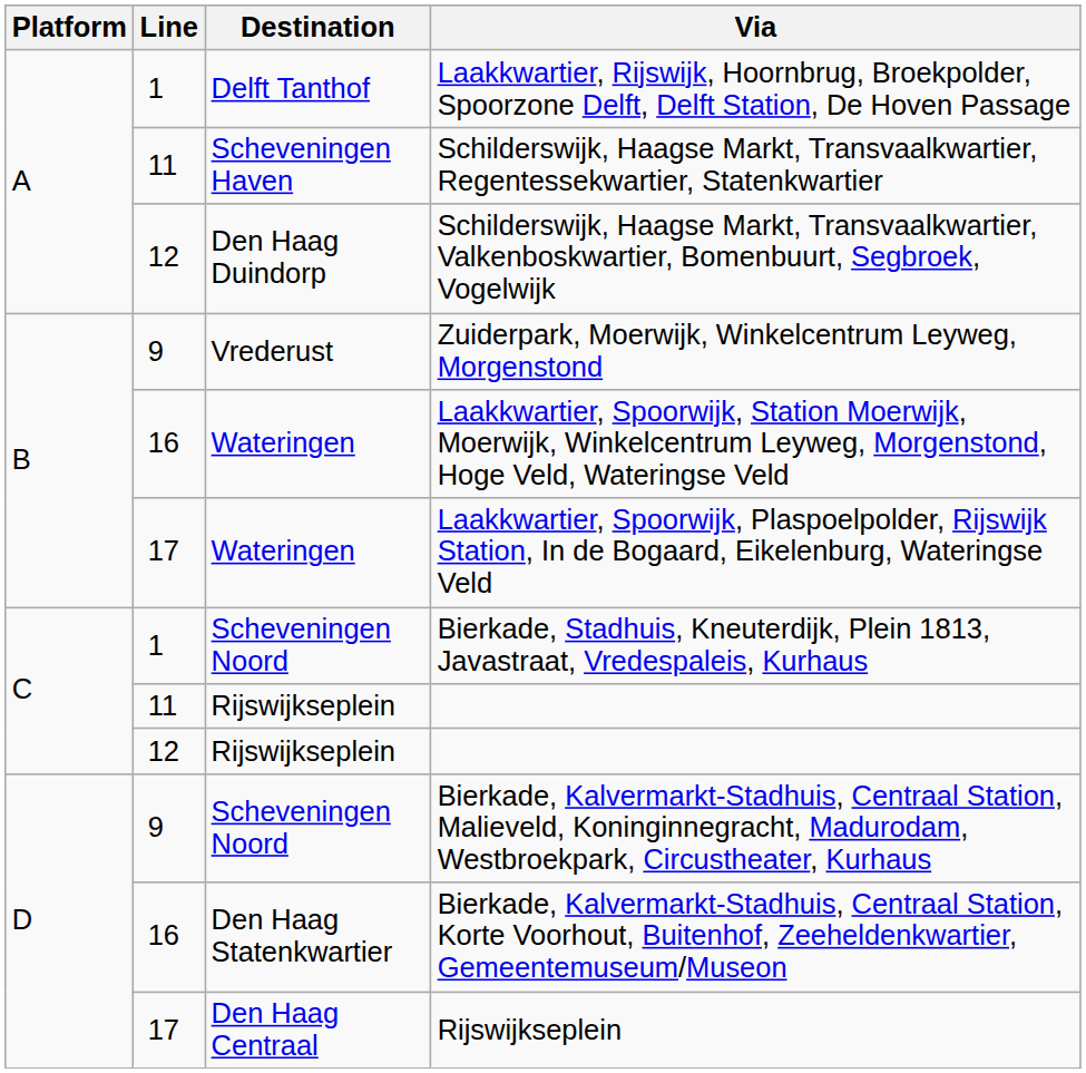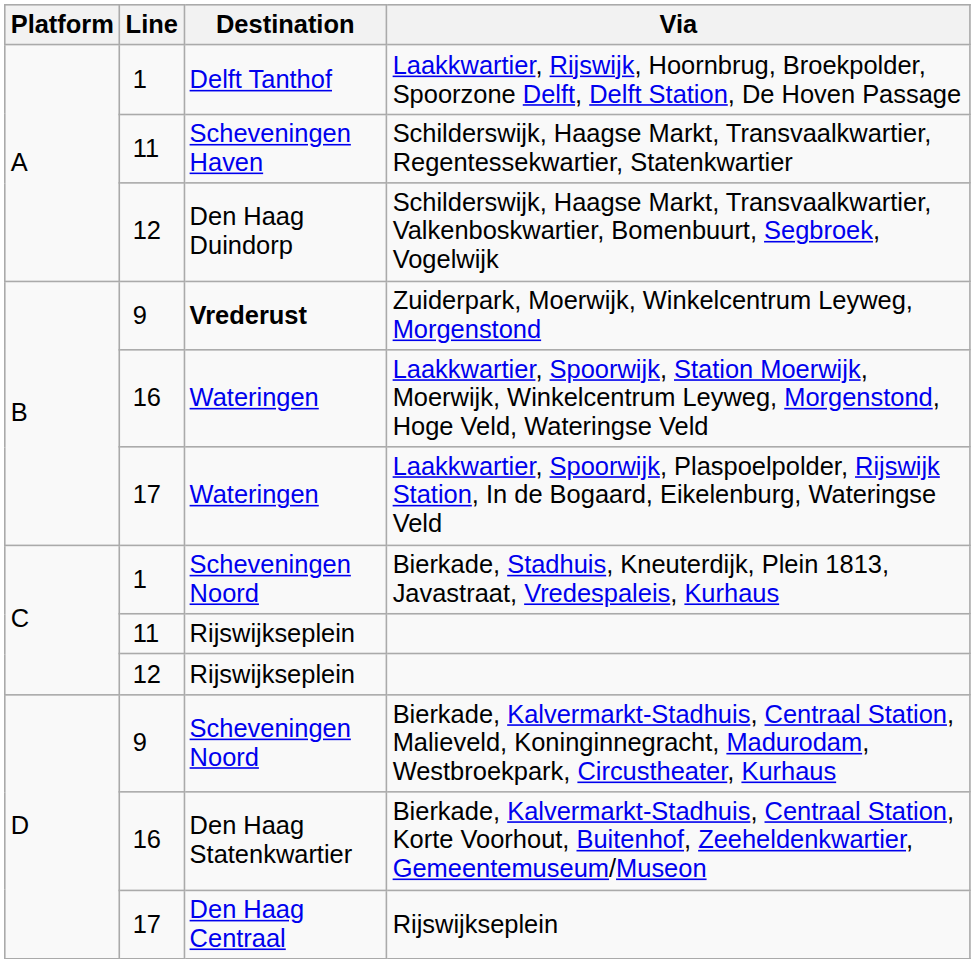 <table class="wikitable">
 <tr>
 <th>Platform</th>
 <th>Line</th>
 <th>Destination</th>
 <th>Via</th>
 </tr>
 <tr>
 <td rowspan="3">A</td>
 <td><span> 1 </span></td>
 <td><a href='#'>Delft Tanthof</a></td>
 <td><a href='#'>Laakkwartier</a>, <a href='#'>Rijswijk</a>, Hoornbrug, Broekpolder, Spoorzone <a href='#'>Delft</a>, <a href='#'>Delft Station</a>, De Hoven Passage</td>
 </tr>
 <tr>
 <td><span> 11 </span></td>
 <td><a href='#'>Scheveningen Haven</a></td>
 <td>Schilderswijk, Haagse Markt, Transvaalkwartier, Regentessekwartier, Statenkwartier</td>
 </tr>
 <tr>
 <td><span> 12 </span></td>
 <td>Den Haag Duindorp</td>
 <td>Schilderswijk, Haagse Markt, Transvaalkwartier, Valkenboskwartier, Bomenbuurt, <a href='#'>Segbroek</a>, Vogelwijk</td>
 </tr>
 <tr>
 <td rowspan="3">B</td>
 <td><span> 9 </span></td>
-<td>Vrederust</td>
+<td><strong>Vrederust</strong></td>
 <td>Zuiderpark, Moerwijk, Winkelcentrum Leyweg, <a href='#'>Morgenstond</a></td>
 </tr>
 <tr>
 <td><span> 16 </span></td>
 <td><a href='#'>Wateringen</a></td>
 <td><a href='#'>Laakkwartier</a>, <a href='#'>Spoorwijk</a>, <a href='#'>Station Moerwijk</a>, Moerwijk, Winkelcentrum Leyweg, <a href='#'>Morgenstond</a>, Hoge Veld, Wateringse Veld</td>
 </tr>
 <tr>
 <td><span> 17 </span></td>
 <td><a href='#'>Wateringen</a></td>
 <td><a href='#'>Laakkwartier</a>, <a href='#'>Spoorwijk</a>, Plaspoelpolder, <a href='#'>Rijswijk Station</a>, In de Bogaard, Eikelenburg, Wateringse Veld</td>
 </tr>
 <tr>
 <td rowspan="3">C</td>
 <td><span> 1 </span></td>
 <td><a href='#'>Scheveningen Noord</a></td>
 <td>Bierkade, <a href='#'>Stadhuis</a>, Kneuterdijk, Plein 1813, Javastraat, <a href='#'>Vredespaleis</a>, <a href='#'>Kurhaus</a></td>
 </tr>
 <tr>
 <td><span> 11 </span></td>
 <td>Rijswijkseplein</td>
 <td></td>
 </tr>
 <tr>
 <td><span> 12 </span></td>
 <td>Rijswijkseplein</td>
 <td></td>
 </tr>
 <tr>
 <td rowspan="3">D</td>
 <td><span> 9 </span></td>
 <td><a href='#'>Scheveningen Noord</a></td>
 <td>Bierkade, <a href='#'>Kalvermarkt-Stadhuis</a>, <a href='#'>Centraal Station</a>, Malieveld, Koninginnegracht, <a href='#'>Madurodam</a>, Westbroekpark, <a href='#'>Circustheater</a>, <a href='#'>Kurhaus</a></td>
 </tr>
 <tr>
 <td><span> 16 </span></td>
 <td>Den Haag Statenkwartier</td>
 <td>Bierkade, <a href='#'>Kalvermarkt-Stadhuis</a>, <a href='#'>Centraal Station</a>, Korte Voorhout, <a href='#'>Buitenhof</a>, <a href='#'>Zeeheldenkwartier</a>, <a href='#'>Gemeentemuseum</a>/<a href='#'>Museon</a></td>
 </tr>
 <tr>
 <td><span> 17 </span></td>
 <td><a href='#'>Den Haag Centraal</a></td>
 <td>Rijswijkseplein</td>
 </tr>
 </table>
